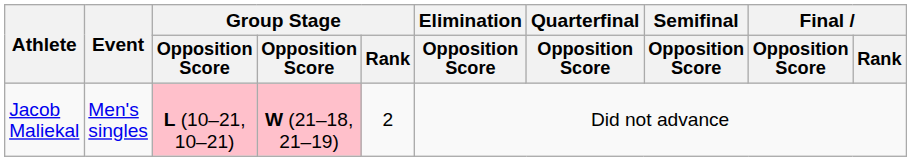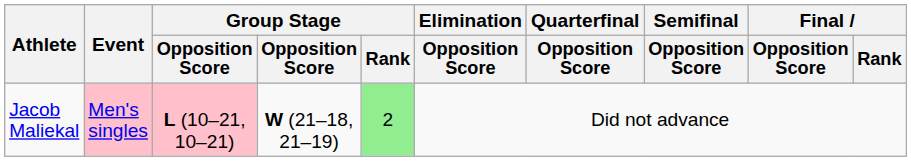 <table class="wikitable" style="font-size:90%">
 <tr>
 <th rowspan=2>Athlete</th>
 <th rowspan=2>Event</th>
 <th colspan=3>Group Stage</th>
 <th>Elimination</th>
 <th>Quarterfinal</th>
 <th>Semifinal</th>
 <th colspan=2>Final / </th>
 </tr>
 <tr style="font-size:95%">
 <th>Opposition<br>Score</th>
 <th>Opposition<br>Score</th>
 <th>Rank</th>
 <th>Opposition<br>Score</th>
 <th>Opposition<br>Score</th>
 <th>Opposition<br>Score</th>
 <th>Opposition<br>Score</th>
 <th>Rank</th>
 </tr>
 <tr align=center>
 <td align=left><a href='#'>Jacob Maliekal</a></td>
-<td align=left><a href='#'>Men's singles</a></td>
+<td align=left style="background: pink;"><a href='#'>Men's singles</a></td>
 <td style="background: pink;"><br><strong>L</strong> (10–21, 10–21)</td>
-<td style="background: pink;"><br><strong>W</strong> (21–18, 21–19)</td>
-<td>2</td>
+<td><br><strong>W</strong> (21–18, 21–19)</td>
+<td style="background: lightgreen;">2</td>
 <td colspan=5>Did not advance</td>
 </tr>
 </table>
